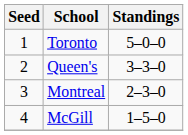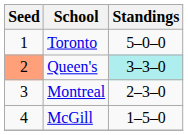 <table class="wikitable">
 <tr>
 <th>Seed</th>
 <th>School</th>
 <th>Standings</th>
 </tr>
 <tr>
 <td align=center>1</td>
 <td><a href='#'>Toronto</a></td>
 <td align=center>5–0–0</td>
 </tr>
 <tr>
-<td align=center>2</td>
+<td align=center style="background: lightsalmon;">2</td>
 <td><a href='#'>Queen's</a></td>
-<td align=center>3–3–0</td>
+<td align=center style="background: paleturquoise;">3–3–0</td>
 </tr>
 <tr>
 <td align=center>3</td>
 <td><a href='#'>Montreal</a></td>
 <td align=center>2–3–0</td>
 </tr>
 <tr>
 <td align=center>4</td>
 <td><a href='#'>McGill</a></td>
 <td align=center>1–5–0</td>
 </tr>
 <tr>
 </tr>
 </table>
